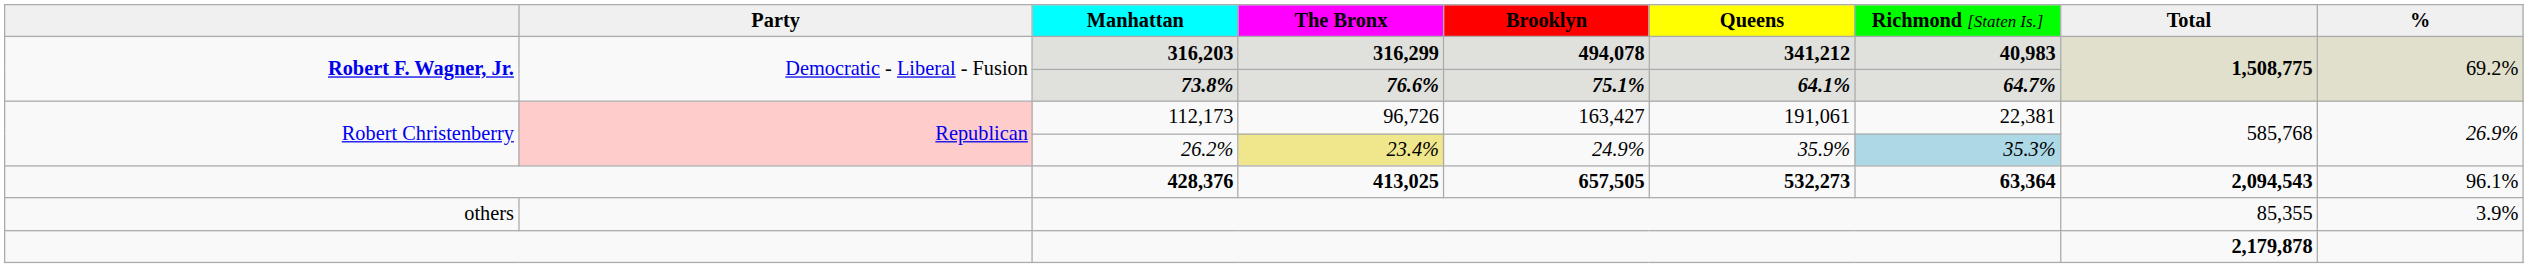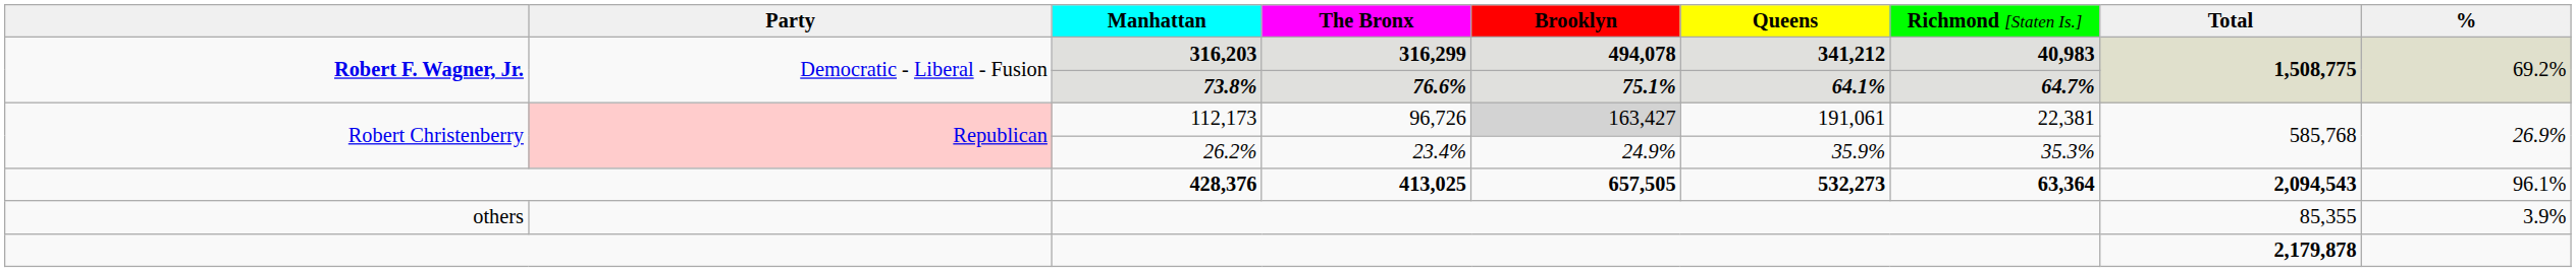 <table class="wikitable"  style="width:100%; text-align:right;">
 <tr style="text-align:center;">
 <td style="width:20%; background:#f0f0f0;"></td>
 <td style="width:20%; background:#f0f0f0;"><strong>Party</strong></td>
 <td style="width:8%; background:aqua;"><strong>Manhattan</strong></td>
 <td style="width:8%; background:magenta;"><strong>The Bronx</strong></td>
 <td style="width:8%; background:red;"><strong>Brooklyn</strong></td>
 <td style="width:8%; background:yellow;"><strong>Queens</strong></td>
 <td style="width:8%; background:lime;"><strong>Richmond</strong> <small><em>[Staten Is.]</em></small></td>
 <td style="width:10%; background:#f0f0f0;"><strong>Total</strong></td>
 <td style="width:8%; background:#f0f0f0;"><strong>%</strong></td>
 </tr>
 <tr>
 <td rowspan="2"><strong><a href='#'>Robert F. Wagner, Jr.</a></strong></td>
 <td rowspan="2"><a href='#'>Democratic</a> - <a href='#'>Liberal</a> - Fusion</td>
 <td style="background:#e0e0dd;"><strong>316,203</strong></td>
 <td style="background:#e0e0dd;"><strong>316,299</strong></td>
 <td style="background:#e0e0dd;"><strong>494,078</strong></td>
 <td style="background:#e0e0dd;"><strong>341,212</strong></td>
 <td style="background:#e0e0dd;"><strong>40,983</strong></td>
 <td style="background:#e0e0cc;" rowspan="2"><strong>1,508,775</strong></td>
 <td style="background:#e0e0cc;" rowspan="2">69.2%</td>
 </tr>
 <tr style="background:#e0e0dd;">
 <td><strong><em>73.8%</em></strong></td>
 <td style="background:#e0e0dd;"><strong><em>76.6%</em></strong></td>
 <td style="background:#e0e0dd;"><strong><em>75.1%</em></strong></td>
 <td style="background:#e0e0dd;"><strong><em>64.1%</em></strong></td>
 <td style="background:#e0e0dd;"><strong><em>64.7%</em></strong></td>
 </tr>
 <tr>
 <td rowspan="2"><a href='#'>Robert Christenberry</a></td>
 <td rowspan="2" style="background:#fcc;"><a href='#'>Republican</a></td>
 <td>112,173</td>
 <td>96,726</td>
-<td>163,427</td>
+<td style="background: lightgrey;">163,427</td>
 <td>191,061</td>
 <td>22,381</td>
 <td rowspan="2">585,768</td>
 <td rowspan="2"><em>26.9%</em></td>
 </tr>
 <tr>
 <td><em>26.2%</em></td>
-<td style="background: khaki;"><em>23.4%</em></td>
+<td><em>23.4%</em></td>
 <td><em>24.9%</em></td>
 <td><em>35.9%</em></td>
-<td style="background: lightblue;"><em>35.3%</em></td>
+<td><em>35.3%</em></td>
 </tr>
 <tr>
 <td colspan="2"></td>
 <td><strong>428,376</strong></td>
 <td><strong>413,025</strong></td>
 <td><strong>657,505</strong></td>
 <td><strong>532,273</strong></td>
 <td><strong>63,364</strong></td>
 <td><strong>2,094,543</strong></td>
 <td>96.1%</td>
 </tr>
 <tr>
 <td>others</td>
 <td></td>
 <td colspan="5"> </td>
 <td>85,355</td>
 <td>3.9%</td>
 </tr>
 <tr>
 <td colspan="2"></td>
 <td colspan="5"> </td>
 <td><strong>2,179,878</strong></td>
 <td></td>
 </tr>
 </table>
